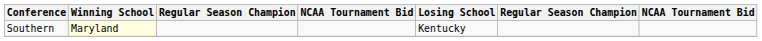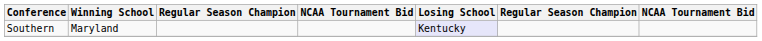 <table class="wikitable">
 <tr>
 <th>Conference</th>
 <th>Winning School</th>
 <th>Regular Season Champion</th>
 <th>NCAA Tournament Bid</th>
 <th>Losing School</th>
 <th>Regular Season Champion</th>
 <th>NCAA Tournament Bid</th>
 </tr>
 <tr>
 <td>Southern</td>
-<td style="background: lightyellow;">Maryland</td>
+<td>Maryland</td>
 <td></td>
 <td></td>
-<td>Kentucky</td>
+<td style="background: lavender;">Kentucky</td>
 <td></td>
 <td></td>
 </tr>
 <tr>
 </tr>
 </table>
